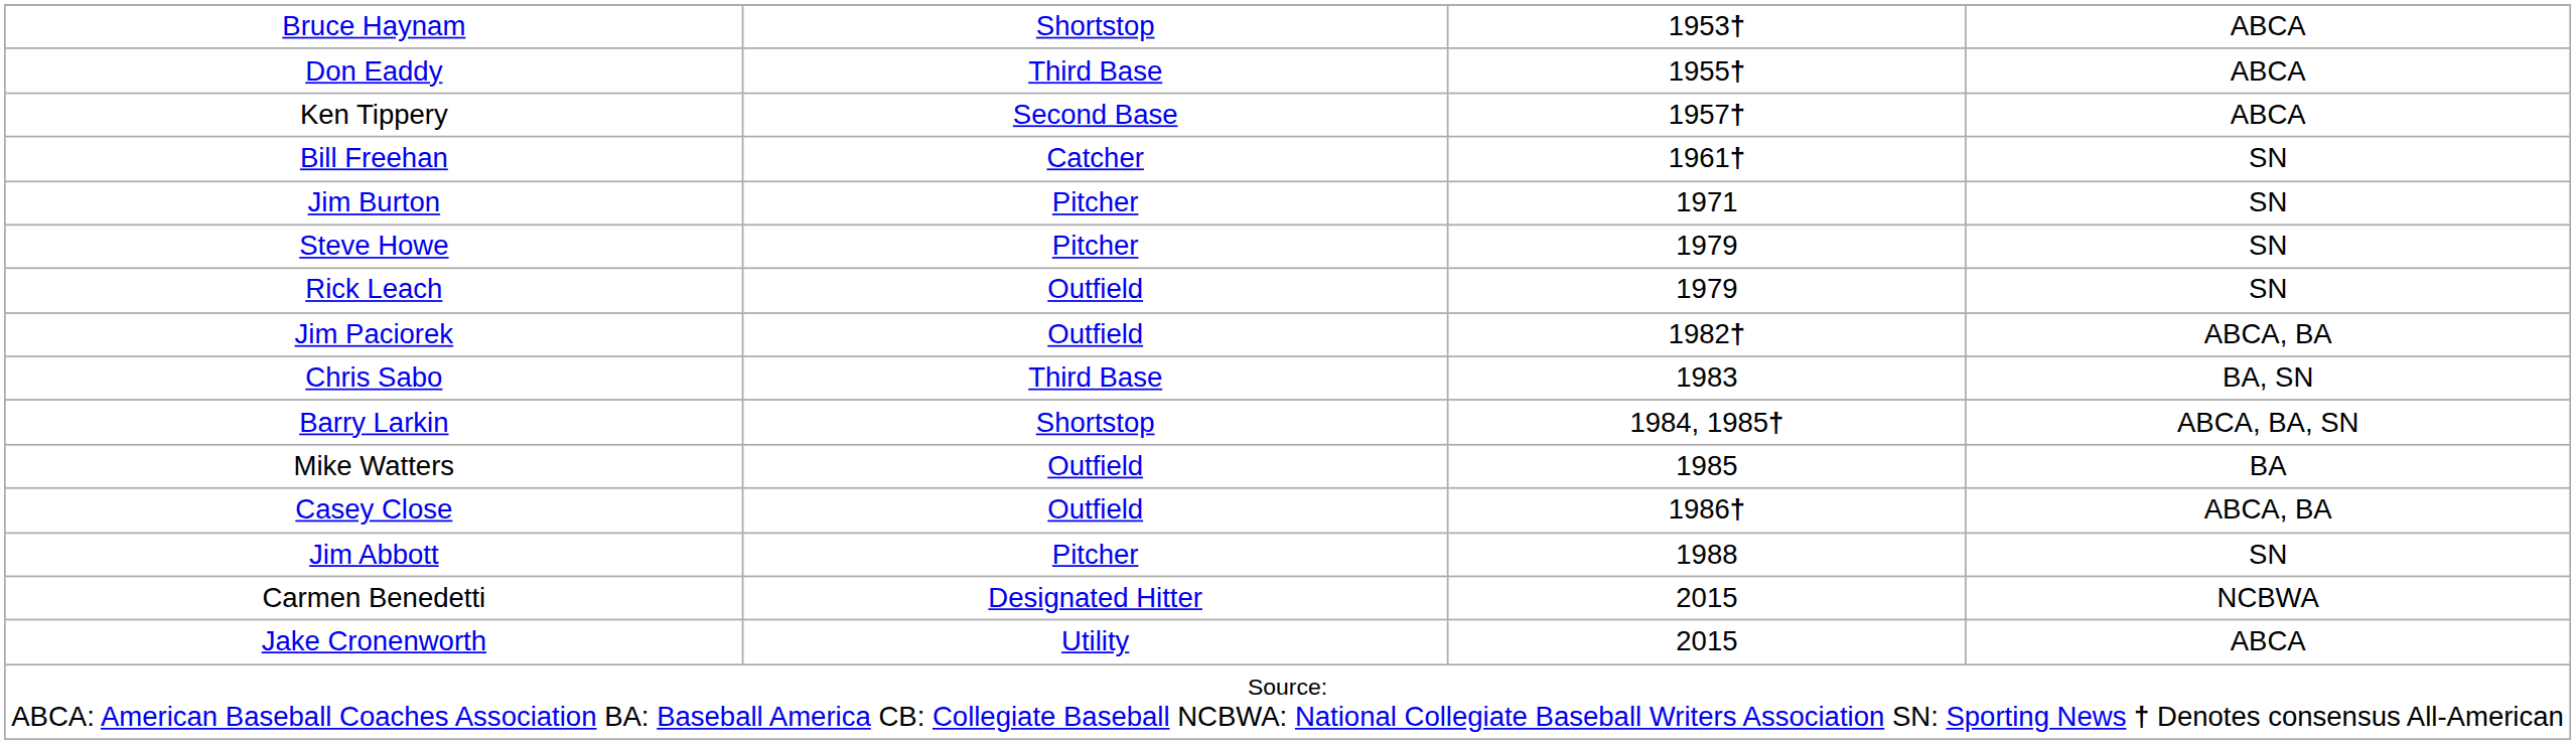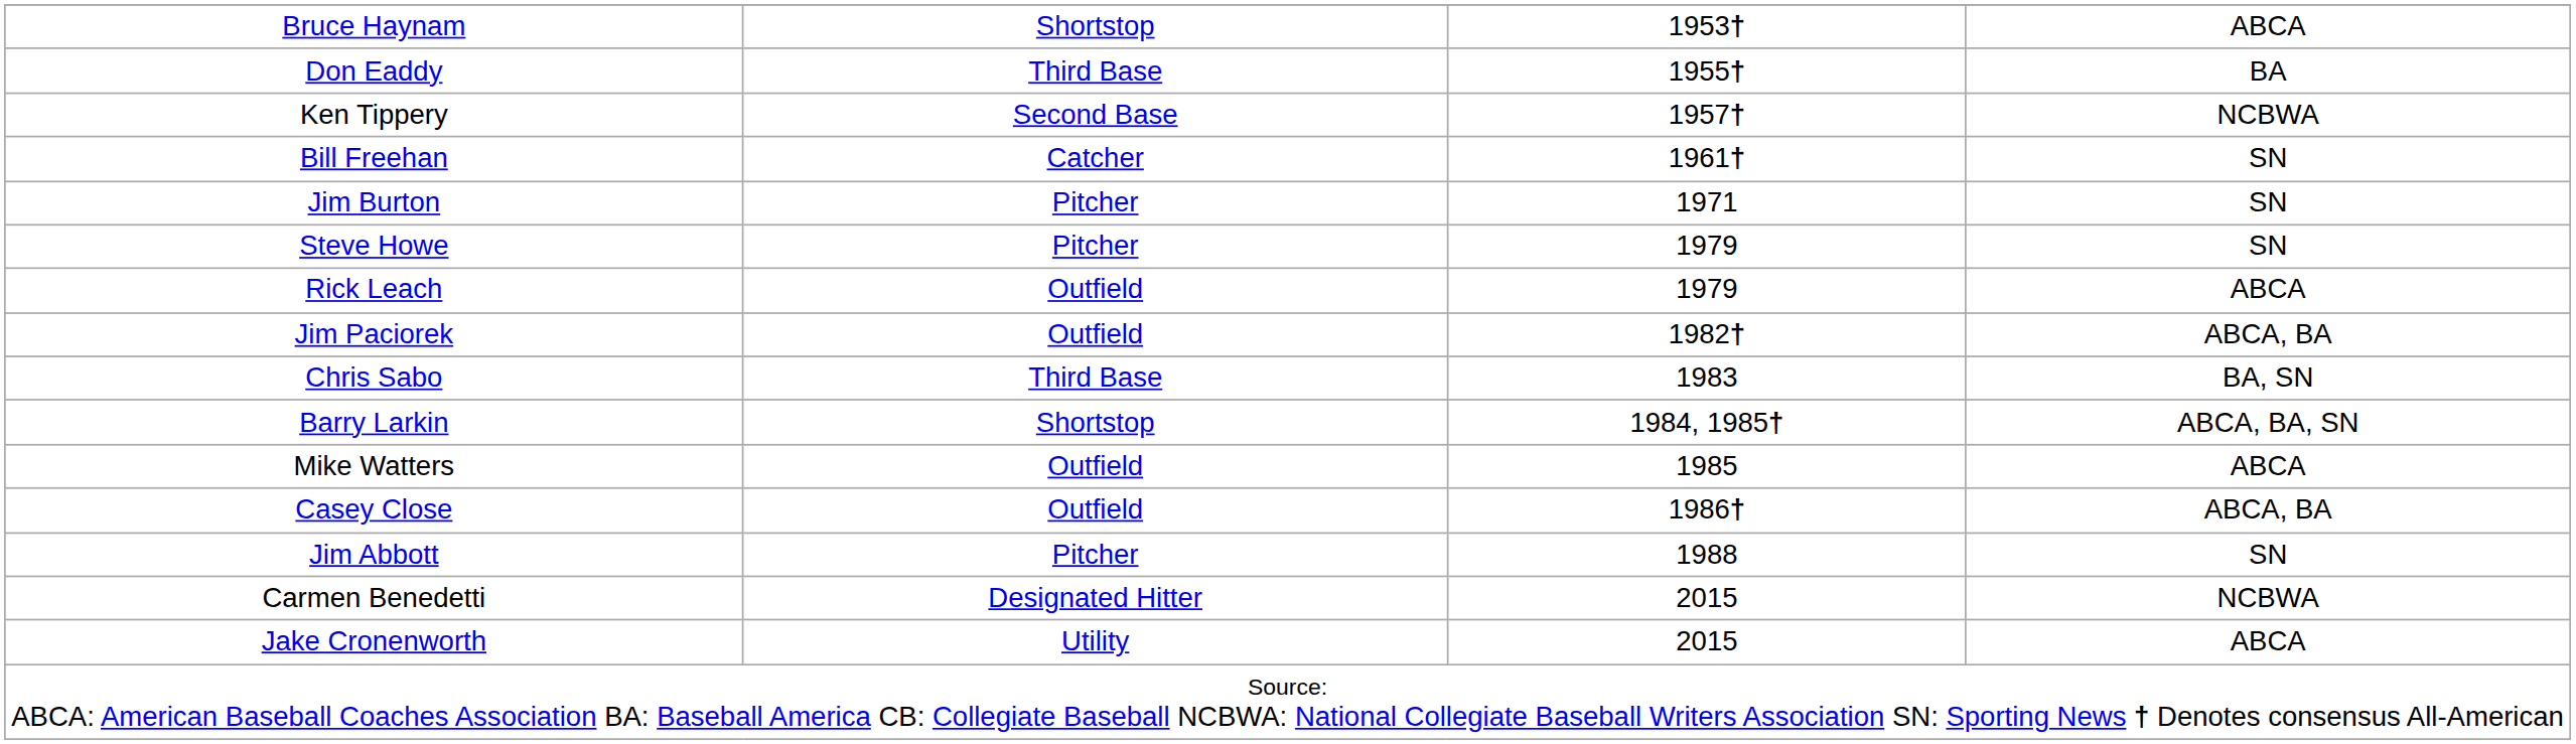 <table class="wikitable" style="background:white; min-width:70%">
 <tr>
 </tr>
 <tr style="text-align:center;">
 <td><a href='#'>Bruce Haynam</a></td>
 <td><a href='#'>Shortstop</a></td>
 <td>1953<strong>†</strong></td>
 <td>ABCA</td>
 </tr>
 <tr style="text-align:center;">
 <td><a href='#'>Don Eaddy</a></td>
 <td><a href='#'>Third Base</a></td>
 <td>1955<strong>†</strong></td>
-<td>ABCA</td>
+<td>BA</td>
 </tr>
 <tr style="text-align:center;">
 <td>Ken Tippery</td>
 <td><a href='#'>Second Base</a></td>
 <td>1957<strong>†</strong></td>
-<td>ABCA</td>
+<td>NCBWA</td>
 </tr>
 <tr style="text-align:center;">
 <td><a href='#'>Bill Freehan</a></td>
 <td><a href='#'>Catcher</a></td>
 <td>1961<strong>†</strong></td>
 <td>SN</td>
 </tr>
 <tr style="text-align:center;">
 <td><a href='#'>Jim Burton</a></td>
 <td><a href='#'>Pitcher</a></td>
 <td>1971</td>
 <td>SN</td>
 </tr>
 <tr style="text-align:center;">
 <td><a href='#'>Steve Howe</a></td>
 <td><a href='#'>Pitcher</a></td>
 <td>1979</td>
 <td>SN</td>
 </tr>
 <tr style="text-align:center;">
 <td><a href='#'>Rick Leach</a></td>
 <td><a href='#'>Outfield</a></td>
 <td>1979</td>
-<td>SN</td>
+<td>ABCA</td>
 </tr>
 <tr style="text-align:center;">
 <td><a href='#'>Jim Paciorek</a></td>
 <td><a href='#'>Outfield</a></td>
 <td>1982<strong>†</strong></td>
 <td>ABCA, BA</td>
 </tr>
 <tr style="text-align:center;">
 <td><a href='#'>Chris Sabo</a></td>
 <td><a href='#'>Third Base</a></td>
 <td>1983</td>
 <td>BA, SN</td>
 </tr>
 <tr style="text-align:center;">
 <td><a href='#'>Barry Larkin</a></td>
 <td><a href='#'>Shortstop</a></td>
 <td>1984, 1985<strong>†</strong></td>
 <td>ABCA, BA, SN</td>
 </tr>
 <tr style="text-align:center;">
 <td>Mike Watters</td>
 <td><a href='#'>Outfield</a></td>
 <td>1985</td>
-<td>BA</td>
+<td>ABCA</td>
 </tr>
 <tr style="text-align:center;">
 <td><a href='#'>Casey Close</a></td>
 <td><a href='#'>Outfield</a></td>
 <td>1986<strong>†</strong></td>
 <td>ABCA, BA</td>
 </tr>
 <tr style="text-align:center;">
 <td><a href='#'>Jim Abbott</a></td>
 <td><a href='#'>Pitcher</a></td>
 <td>1988</td>
 <td>SN</td>
 </tr>
 <tr style="text-align:center;">
 <td>Carmen Benedetti</td>
 <td><a href='#'>Designated Hitter</a></td>
 <td>2015</td>
 <td>NCBWA</td>
 </tr>
 <tr style="text-align:center;">
 <td><a href='#'>Jake Cronenworth</a></td>
 <td><a href='#'>Utility</a></td>
 <td>2015</td>
 <td>ABCA</td>
 </tr>
 <tr style="text-align:center;">
 <td colspan=4><small>Source:</small><br>ABCA: <a href='#'>American Baseball Coaches Association</a> BA: <a href='#'>Baseball America</a> CB: <a href='#'>Collegiate Baseball</a> NCBWA: <a href='#'>National Collegiate Baseball Writers Association</a> SN: <a href='#'>Sporting News</a> <strong>†</strong> Denotes consensus All-American</td>
 </tr>
 </table>
